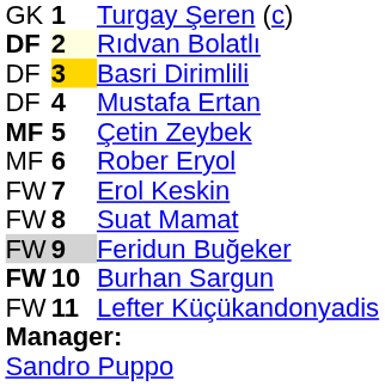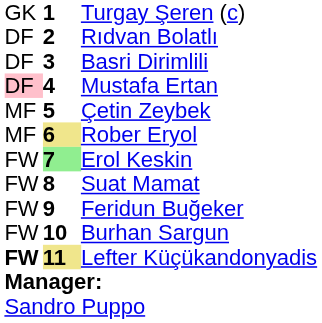 <table cellspacing="0" cellpadding="0" style="font-size:90%; margin:auto;">
 <tr>
 <th width="25"></th>
 <th width="25"></th>
 </tr>
 <tr>
 <td>GK</td>
 <td><strong>1</strong></td>
 <td><a href='#'>Turgay Şeren</a> (<a href='#'>c</a>)</td>
 </tr>
 <tr>
-<td><strong>DF</strong></td>
-<td style="background: lightyellow;"><strong>2</strong></td>
+<td>DF</td>
+<td><strong>2</strong></td>
 <td><a href='#'>Rıdvan Bolatlı</a></td>
 </tr>
 <tr>
 <td>DF</td>
-<td style="background: gold;"><strong>3</strong></td>
+<td><strong>3</strong></td>
 <td><a href='#'>Basri Dirimlili</a></td>
 </tr>
 <tr>
-<td>DF</td>
+<td style="background: pink;">DF</td>
 <td><strong>4</strong></td>
 <td><a href='#'>Mustafa Ertan</a></td>
 </tr>
 <tr>
-<td><strong>MF</strong></td>
+<td>MF</td>
 <td><strong>5</strong></td>
 <td><a href='#'>Çetin Zeybek</a></td>
 </tr>
 <tr>
 <td>MF</td>
-<td><strong>6</strong></td>
+<td style="background: khaki;"><strong>6</strong></td>
 <td><a href='#'>Rober Eryol</a></td>
 </tr>
 <tr>
 <td>FW</td>
-<td><strong>7</strong></td>
+<td style="background: lightgreen;"><strong>7</strong></td>
 <td><a href='#'>Erol Keskin</a></td>
 </tr>
 <tr>
 <td>FW</td>
 <td><strong>8</strong></td>
 <td><a href='#'>Suat Mamat</a></td>
 </tr>
 <tr>
-<td style="background: lightgrey;">FW</td>
-<td style="background: lightgrey;"><strong>9</strong></td>
+<td>FW</td>
+<td><strong>9</strong></td>
 <td><a href='#'>Feridun Buğeker</a></td>
 </tr>
 <tr>
-<td><strong>FW</strong></td>
+<td>FW</td>
 <td><strong>10</strong></td>
 <td><a href='#'>Burhan Sargun</a></td>
 </tr>
 <tr>
-<td>FW</td>
-<td><strong>11</strong></td>
+<td><strong>FW</strong></td>
+<td style="background: khaki;"><strong>11</strong></td>
 <td><a href='#'>Lefter Küçükandonyadis</a></td>
 </tr>
 <tr>
 <td colspan=3><strong>Manager:</strong></td>
 </tr>
 <tr>
 <td colspan=4> <a href='#'>Sandro Puppo</a></td>
 </tr>
 </table>
